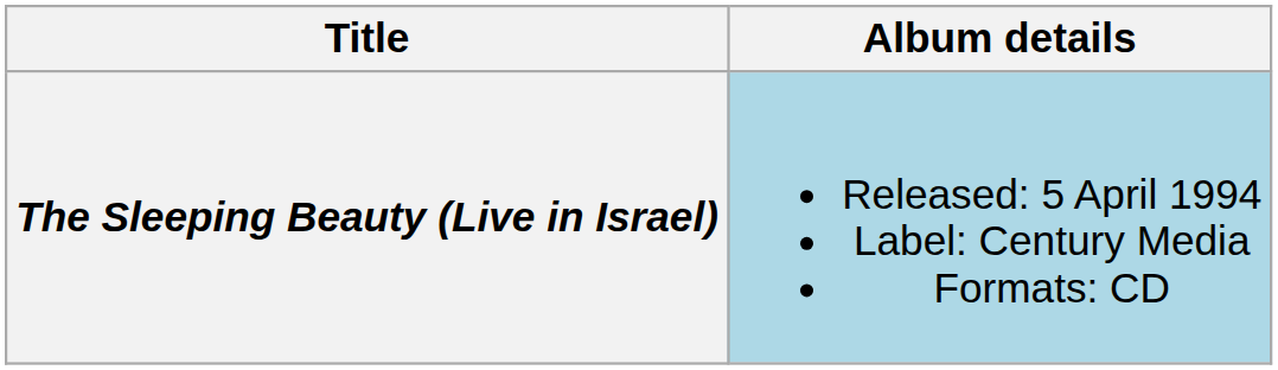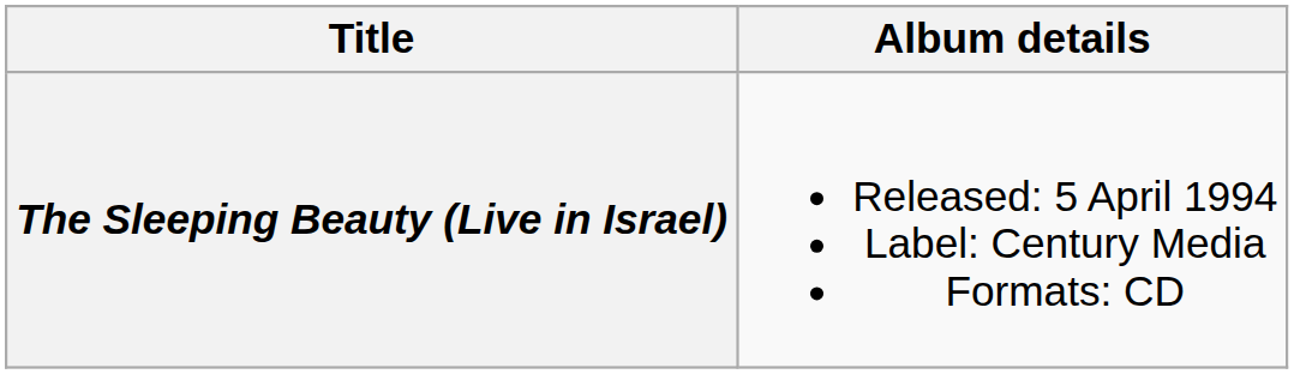 <table class="wikitable plainrowheaders" style="text-align:center;">
 <tr>
 <th scope="col">Title</th>
 <th scope="col">Album details</th>
 </tr>
 <tr>
 <th scope="row"><em>The Sleeping Beauty (Live in Israel)</em></th>
-<td style="background: lightblue;"><br><ul><li>Released: 5 April 1994</li><li>Label: Century Media</li><li>Formats: CD</li></ul></td>
+<td><br><ul><li>Released: 5 April 1994</li><li>Label: Century Media</li><li>Formats: CD</li></ul></td>
 </tr>
 </table>
